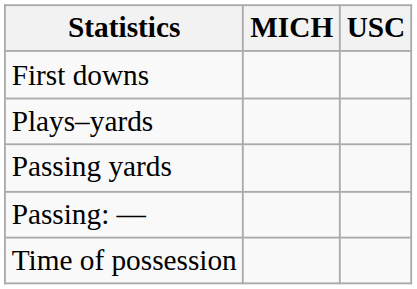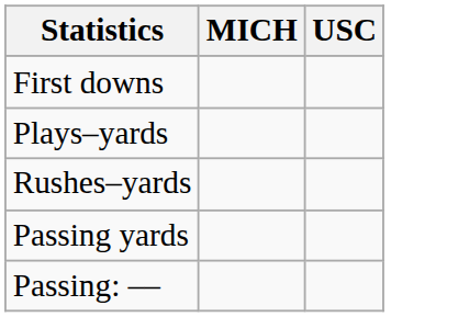 <table class="wikitable" style="float:left">
 <tr>
 <th>Statistics</th>
 <th>MICH</th>
 <th>USC</th>
 </tr>
 <tr>
 <td>First downs</td>
 <td></td>
 <td></td>
 </tr>
 <tr>
 <td>Plays–yards</td>
 <td></td>
 <td></td>
 </tr>
 <tr>
+<td>Rushes–yards</td>
+<td></td>
+<td></td>
+</tr>
+<tr>
 <td>Passing yards</td>
 <td></td>
 <td></td>
 </tr>
 <tr>
 <td>Passing: ––</td>
 <td></td>
 <td></td>
 </tr>
-<tr>
-<td>Time of possession</td>
-<td></td>
-<td></td>
-</tr>
 </table>
